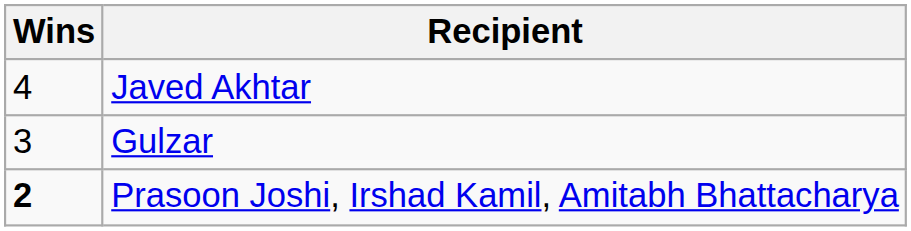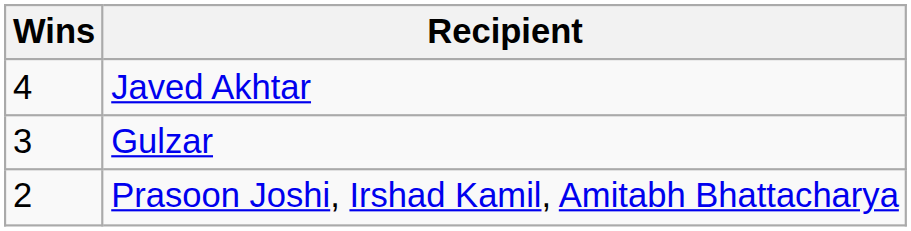 <table class="wikitable">
 <tr>
 <th>Wins</th>
 <th>Recipient</th>
 </tr>
 <tr>
 <td>4</td>
 <td><a href='#'>Javed Akhtar</a></td>
 </tr>
 <tr>
 <td>3</td>
 <td><a href='#'>Gulzar</a></td>
 </tr>
 <tr>
-<td><strong>2</strong></td>
+<td>2</td>
 <td><a href='#'>Prasoon Joshi</a>, <a href='#'>Irshad Kamil</a>, <a href='#'>Amitabh Bhattacharya</a></td>
 </tr>
 </table>
